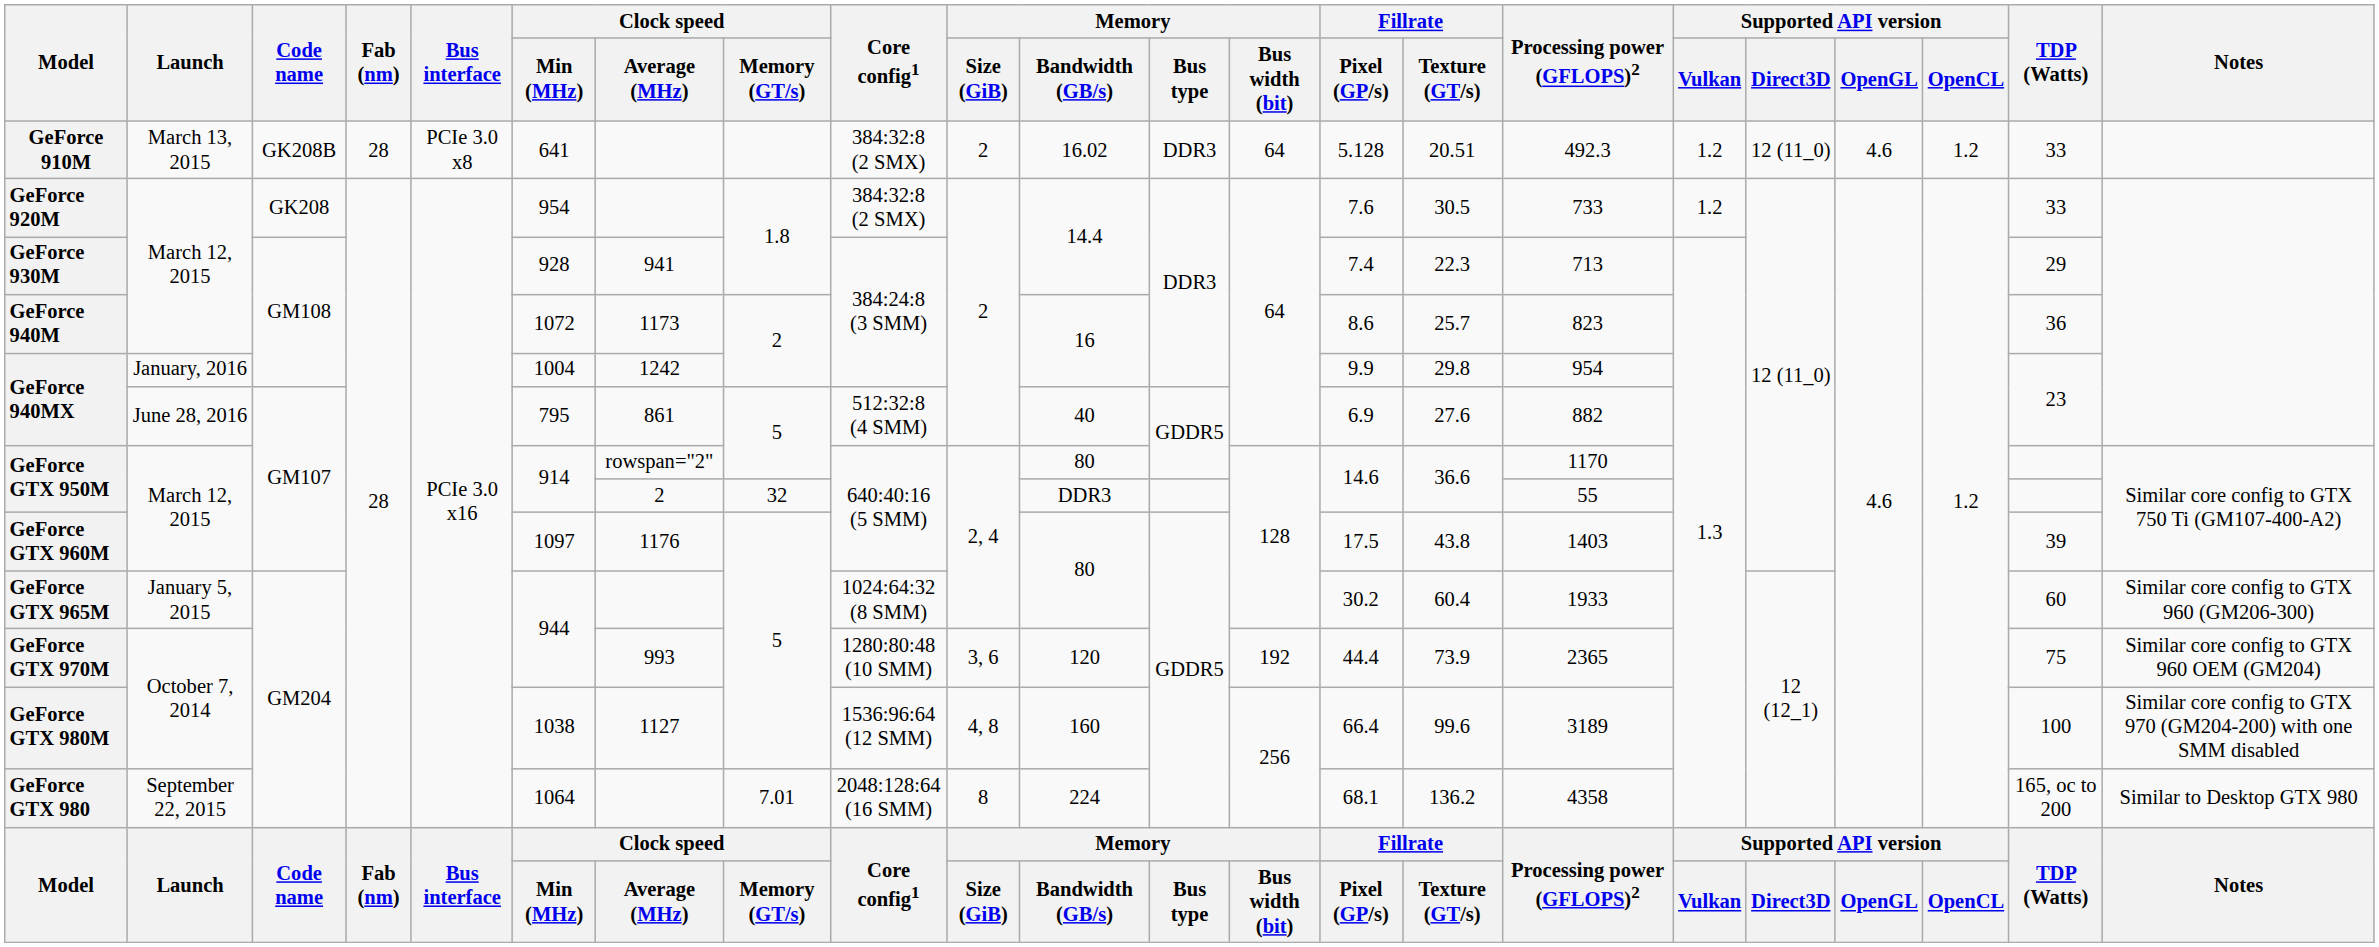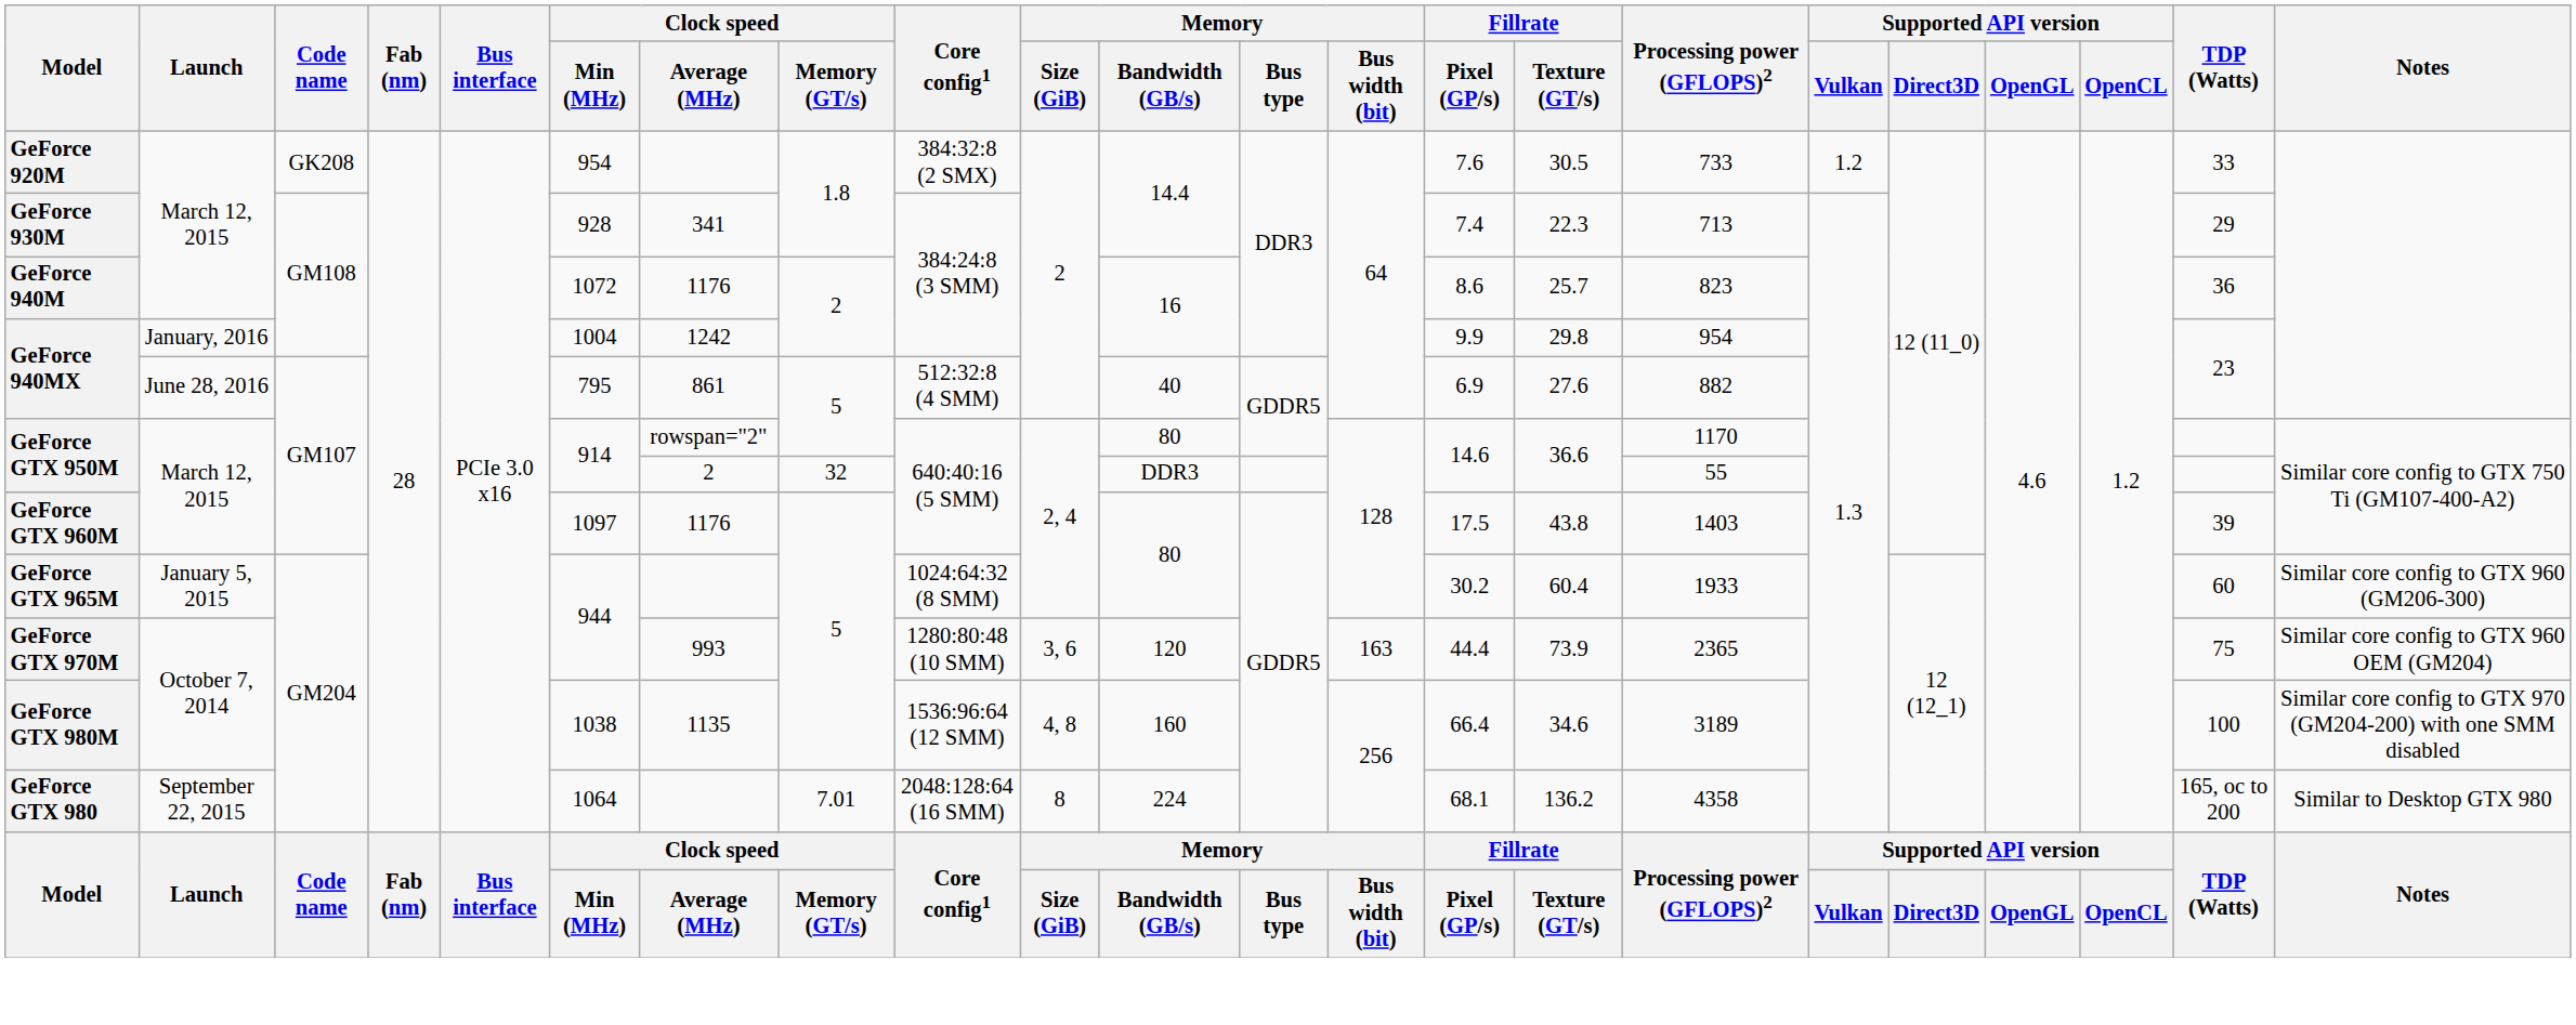 <table class="mw-datatable wikitable sortable sort-under" style="font-size:85%; text-align:center;">
 <tr>
 <th rowspan=2>Model</th>
 <th rowspan=2>Launch</th>
 <th rowspan=2><a href='#'>Code name</a></th>
 <th rowspan=2>Fab (<a href='#'>nm</a>)</th>
 <th rowspan=2><a href='#'>Bus</a> <a href='#'>interface</a></th>
 <th colspan="3">Clock speed</th>
 <th rowspan="2">Core config<sup>1</sup></th>
 <th colspan=4>Memory</th>
 <th colspan="2"><a href='#'>Fillrate</a></th>
 <th rowspan="2">Processing power (<a href='#'>GFLOPS</a>)<sup>2</sup></th>
 <th colspan="4">Supported <a href='#'>API</a> version</th>
 <th rowspan=2><a href='#'>TDP</a> (Watts)</th>
 <th rowspan=2>Notes</th>
 </tr>
 <tr>
 <th>Min (<a href='#'>MHz</a>)</th>
 <th>Average (<a href='#'>MHz</a>)</th>
 <th>Memory (<a href='#'>GT/s</a>)</th>
 <th>Size (<a href='#'>GiB</a>)</th>
 <th>Bandwidth (<a href='#'>GB/s</a>)</th>
 <th>Bus type</th>
 <th>Bus width (<a href='#'>bit</a>)</th>
 <th>Pixel (<a href='#'>GP</a>/s)</th>
 <th>Texture (<a href='#'>GT</a>/s)</th>
 <th><a href='#'>Vulkan</a></th>
 <th><a href='#'>Direct3D</a></th>
 <th><a href='#'>OpenGL</a></th>
 <th><a href='#'>OpenCL</a></th>
 </tr>
 <tr>
-<th>GeForce 910M</th>
-<td>March 13,<br>2015</td>
-<td>GK208B</td>
-<td>28</td>
-<td>PCIe 3.0 x8</td>
-<td>641</td>
-<td></td>
-<td></td>
-<td>384:32:8<br>(2 SMX)</td>
-<td>2</td>
-<td>16.02</td>
-<td>DDR3</td>
-<td>64</td>
-<td>5.128</td>
-<td>20.51</td>
-<td>492.3</td>
-<td>1.2</td>
-<td>12 (11_0)</td>
-<td>4.6</td>
-<td>1.2</td>
-<td>33</td>
-<td></td>
-</tr>
-<tr>
 <th style="text-align:left;">GeForce 920M</th>
 <td rowspan="3">March 12, 2015</td>
 <td>GK208</td>
 <td rowspan="12">28</td>
 <td rowspan="12">PCIe 3.0 x16</td>
 <td>954</td>
 <td></td>
 <td rowspan="2">1.8</td>
 <td>384:32:8<br>(2 SMX)</td>
 <td rowspan="5">2</td>
 <td rowspan="2">14.4</td>
 <td rowspan="4">DDR3</td>
 <td rowspan="5">64</td>
 <td>7.6</td>
 <td>30.5</td>
 <td>733</td>
 <td>1.2</td>
 <td rowspan="8">12 (11_0)</td>
 <td rowspan="12">4.6</td>
 <td rowspan="12">1.2</td>
 <td>33</td>
 <td rowspan="5"></td>
 </tr>
 <tr>
 <th style="text-align:left;">GeForce 930M</th>
 <td rowspan="3">GM108</td>
 <td>928</td>
-<td>941</td>
+<td>341</td>
 <td rowspan="3">384:24:8<br>(3 SMM)</td>
 <td>7.4</td>
 <td>22.3</td>
 <td>713</td>
 <td rowspan="11">1.3</td>
 <td>29</td>
 </tr>
 <tr>
 <th style="text-align:left;">GeForce 940M</th>
 <td>1072</td>
-<td>1173</td>
+<td>1176</td>
 <td rowspan="2">2</td>
 <td rowspan="2">16</td>
 <td>8.6</td>
 <td>25.7</td>
 <td>823</td>
 <td>36</td>
 </tr>
 <tr>
 <th rowspan="2" style="text-align:left;">GeForce 940MX</th>
 <td>January, 2016</td>
 <td>1004</td>
 <td>1242</td>
 <td>9.9</td>
 <td>29.8</td>
 <td>954</td>
 <td rowspan="2">23</td>
 </tr>
 <tr>
 <td>June 28, 2016</td>
 <td rowspan="4">GM107</td>
 <td>795</td>
 <td>861</td>
 <td rowspan="2">5</td>
 <td>512:32:8<br>(4 SMM)</td>
 <td>40</td>
 <td rowspan="2">GDDR5</td>
 <td>6.9</td>
 <td>27.6</td>
 <td>882</td>
 </tr>
 <tr>
 <th rowspan="2" style="text-align:left;">GeForce GTX 950M</th>
 <td rowspan="3">March 12, 2015</td>
 <td rowspan="2">914</td>
 <td>rowspan="2" </td>
 <td rowspan="3">640:40:16<br>(5 SMM)</td>
 <td rowspan="4">2, 4</td>
 <td>80</td>
 <td rowspan="4">128</td>
 <td rowspan="2">14.6</td>
 <td rowspan="2">36.6</td>
 <td>1170</td>
 <td></td>
 <td rowspan="3">Similar core config to GTX 750 Ti (GM107-400-A2)</td>
 </tr>
 <tr>
 <td>2</td>
 <td>32</td>
 <td>DDR3</td>
 <td></td>
 <td>55</td>
 </tr>
 <tr>
 <th style="text-align:left;">GeForce GTX 960M</th>
 <td>1097</td>
 <td>1176</td>
 <td rowspan="4">5</td>
 <td rowspan="2">80</td>
 <td rowspan="5">GDDR5</td>
 <td>17.5</td>
 <td>43.8</td>
 <td>1403</td>
 <td>39</td>
 </tr>
 <tr>
 <th style="text-align:left;">GeForce GTX 965M</th>
 <td>January 5, 2015</td>
 <td rowspan="4">GM204</td>
 <td rowspan="2">944</td>
 <td></td>
 <td>1024:64:32<br>(8 SMM)</td>
 <td>30.2</td>
 <td>60.4</td>
 <td>1933</td>
 <td rowspan="4">12 (12_1)</td>
 <td>60</td>
 <td>Similar core config to GTX 960 (GM206-300)</td>
 </tr>
 <tr>
 <th style="text-align:left;">GeForce GTX 970M</th>
 <td rowspan="2">October 7, 2014</td>
 <td>993</td>
 <td>1280:80:48<br>(10 SMM)</td>
 <td>3, 6</td>
 <td>120</td>
-<td>192</td>
+<td>163</td>
 <td>44.4</td>
 <td>73.9</td>
 <td>2365</td>
 <td>75</td>
 <td>Similar core config to GTX 960 OEM (GM204)</td>
 </tr>
 <tr>
 <th style="text-align:left;">GeForce GTX 980M</th>
 <td>1038</td>
-<td>1127</td>
+<td>1135</td>
 <td>1536:96:64<br>(12 SMM)</td>
 <td>4, 8</td>
 <td>160</td>
 <td rowspan="2">256</td>
 <td>66.4</td>
-<td>99.6</td>
+<td>34.6</td>
 <td>3189</td>
 <td>100</td>
 <td>Similar core config to GTX 970 (GM204-200) with one SMM disabled</td>
 </tr>
 <tr>
 <th style="text-align:left;">GeForce GTX 980</th>
 <td>September 22, 2015</td>
 <td>1064</td>
 <td></td>
 <td>7.01</td>
 <td>2048:128:64<br>(16 SMM)</td>
 <td>8</td>
 <td>224</td>
 <td>68.1</td>
 <td>136.2</td>
 <td>4358</td>
 <td>165, oc to 200</td>
 <td>Similar to Desktop GTX 980</td>
 </tr>
 <tr>
 <th rowspan="2">Model</th>
 <th rowspan="2">Launch</th>
 <th rowspan="2"><a href='#'>Code name</a></th>
 <th rowspan="2">Fab (<a href='#'>nm</a>)</th>
 <th rowspan="2"><a href='#'>Bus</a> <a href='#'>interface</a></th>
 <th colspan="3">Clock speed</th>
 <th rowspan="2">Core config<sup>1</sup></th>
 <th colspan="4">Memory</th>
 <th colspan="2"><a href='#'>Fillrate</a></th>
 <th rowspan="2">Processing power (<a href='#'>GFLOPS</a>)<sup>2</sup></th>
 <th colspan="4">Supported <a href='#'>API</a> version</th>
 <th rowspan="2"><a href='#'>TDP</a> (Watts)</th>
 <th rowspan="2">Notes</th>
 </tr>
 <tr>
 <th>Min (<a href='#'>MHz</a>)</th>
 <th>Average (<a href='#'>MHz</a>)</th>
 <th>Memory (<a href='#'>GT/s</a>)</th>
 <th>Size (<a href='#'>GiB</a>)</th>
 <th>Bandwidth (<a href='#'>GB/s</a>)</th>
 <th>Bus type</th>
 <th>Bus width (<a href='#'>bit</a>)</th>
 <th>Pixel (<a href='#'>GP</a>/s)</th>
 <th>Texture (<a href='#'>GT</a>/s)</th>
 <th><a href='#'>Vulkan</a></th>
 <th><a href='#'>Direct3D</a></th>
 <th><a href='#'>OpenGL</a></th>
 <th><a href='#'>OpenCL</a></th>
 </tr>
 </table>
